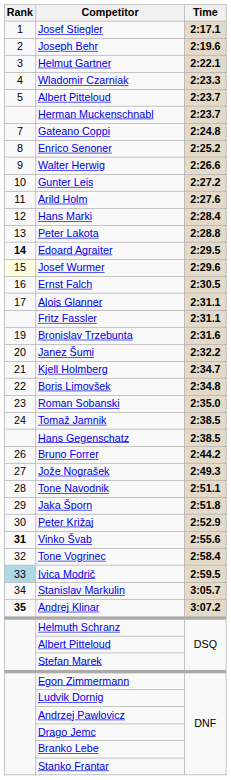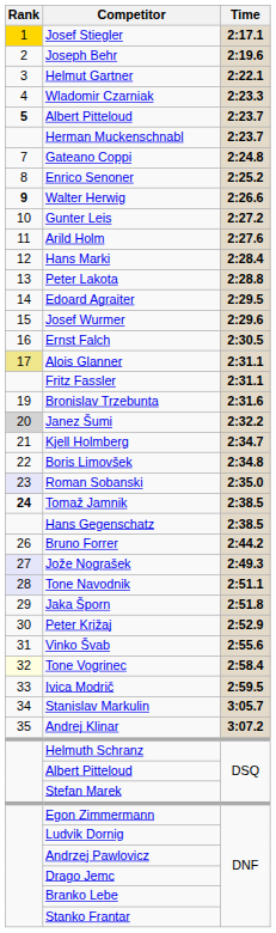 <table class="wikitable">
 <tr>
 <th width=35>Rank</th>
 <th width=215>Competitor</th>
 <th width=55>Time</th>
 </tr>
 <tr>
-<td align=center>1</td>
+<td align=center style="background: gold;">1</td>
 <td> <a href='#'>Josef Stiegler</a></td>
 <td align=center bgcolor=#E3DAC9><strong>2:17.1</strong></td>
 </tr>
 <tr>
 <td align=center>2</td>
 <td> <a href='#'>Joseph Behr</a></td>
 <td align=center bgcolor=#E3DAC9><strong>2:19.6</strong></td>
 </tr>
 <tr>
 <td align=center>3</td>
 <td> <a href='#'>Helmut Gartner</a></td>
 <td align=center bgcolor=#E3DAC9><strong>2:22.1</strong></td>
 </tr>
 <tr>
 <td align=center>4</td>
 <td> <a href='#'>Wladomir Czarniak</a></td>
 <td align=center bgcolor=#E3DAC9><strong>2:23.3</strong></td>
 </tr>
 <tr>
-<td align=center>5</td>
+<td align=center><strong>5</strong></td>
 <td> <a href='#'>Albert Pitteloud</a></td>
 <td align=center bgcolor=#E3DAC9><strong>2:23.7</strong></td>
 </tr>
 <tr>
 <td align=center></td>
 <td> <a href='#'>Herman Muckenschnabl</a></td>
 <td align=center bgcolor=#E3DAC9><strong>2:23.7</strong></td>
 </tr>
 <tr>
 <td align=center>7</td>
 <td> <a href='#'>Gateano Coppi</a></td>
 <td align=center bgcolor=#E3DAC9><strong>2:24.8</strong></td>
 </tr>
 <tr>
 <td align=center>8</td>
 <td> <a href='#'>Enrico Senoner</a></td>
 <td align=center bgcolor=#E3DAC9><strong>2:25.2</strong></td>
 </tr>
 <tr>
-<td align=center>9</td>
+<td align=center><strong>9</strong></td>
 <td> <a href='#'>Walter Herwig</a></td>
 <td align=center bgcolor=#E3DAC9><strong>2:26.6</strong></td>
 </tr>
 <tr>
 <td align=center>10</td>
 <td> <a href='#'>Gunter Leis</a></td>
 <td align=center bgcolor=#E3DAC9><strong>2:27.2</strong></td>
 </tr>
 <tr>
 <td align=center>11</td>
 <td> <a href='#'>Arild Holm</a></td>
 <td align=center bgcolor=#E3DAC9><strong>2:27.6</strong></td>
 </tr>
 <tr>
 <td align=center>12</td>
 <td> <a href='#'>Hans Marki</a></td>
 <td align=center bgcolor=#E3DAC9><strong>2:28.4</strong></td>
 </tr>
 <tr>
 <td align=center>13</td>
 <td> <a href='#'>Peter Lakota</a></td>
 <td align=center bgcolor=#E3DAC9><strong>2:28.8</strong></td>
 </tr>
 <tr>
-<td align=center><strong>14</strong></td>
+<td align=center>14</td>
 <td> <a href='#'>Edoard Agraiter</a></td>
 <td align=center bgcolor=#E3DAC9><strong>2:29.5</strong></td>
 </tr>
 <tr>
-<td align=center style="background: lightyellow;">15</td>
+<td align=center>15</td>
 <td> <a href='#'>Josef Wurmer</a></td>
 <td align=center bgcolor=#E3DAC9><strong>2:29.6</strong></td>
 </tr>
 <tr>
 <td align=center>16</td>
 <td> <a href='#'>Ernst Falch</a></td>
 <td align=center bgcolor=#E3DAC9><strong>2:30.5</strong></td>
 </tr>
 <tr>
-<td align=center>17</td>
+<td align=center style="background: khaki;">17</td>
 <td> <a href='#'>Alois Glanner</a></td>
 <td align=center bgcolor=#E3DAC9><strong>2:31.1</strong></td>
 </tr>
 <tr>
 <td align=center></td>
 <td> <a href='#'>Fritz Fassler</a></td>
 <td align=center bgcolor=#E3DAC9><strong>2:31.1</strong></td>
 </tr>
 <tr>
 <td align=center>19</td>
 <td> <a href='#'>Bronislav Trzebunta</a></td>
 <td align=center bgcolor=#E3DAC9><strong>2:31.6</strong></td>
 </tr>
 <tr>
-<td align=center>20</td>
+<td align=center style="background: lightgrey;">20</td>
 <td> <a href='#'>Janez Šumi</a></td>
 <td align=center bgcolor=#E3DAC9><strong>2:32.2</strong></td>
 </tr>
 <tr>
 <td align=center>21</td>
 <td> <a href='#'>Kjell Holmberg</a></td>
 <td align=center bgcolor=#E3DAC9><strong>2:34.7</strong></td>
 </tr>
 <tr>
 <td align=center>22</td>
 <td> <a href='#'>Boris Limovšek</a></td>
 <td align=center bgcolor=#E3DAC9><strong>2:34.8</strong></td>
 </tr>
 <tr>
-<td align=center>23</td>
+<td align=center style="background: lavender;">23</td>
 <td> <a href='#'>Roman Sobanski</a></td>
 <td align=center bgcolor=#E3DAC9><strong>2:35.0</strong></td>
 </tr>
 <tr>
-<td align=center>24</td>
+<td align=center><strong>24</strong></td>
 <td> <a href='#'>Tomaž Jamnik</a></td>
 <td align=center bgcolor=#E3DAC9><strong>2:38.5</strong></td>
 </tr>
 <tr>
 <td align=center></td>
 <td>	<a href='#'>Hans Gegenschatz</a></td>
 <td align=center bgcolor=#E3DAC9><strong>2:38.5</strong></td>
 </tr>
 <tr>
 <td align=center>26</td>
 <td> <a href='#'>Bruno Forrer</a></td>
 <td align=center bgcolor=#E3DAC9><strong>2:44.2</strong></td>
 </tr>
 <tr>
-<td align=center>27</td>
+<td align=center style="background: lavender;">27</td>
 <td> <a href='#'>Jože Nograšek</a></td>
 <td align=center bgcolor=#E3DAC9><strong>2:49.3</strong></td>
 </tr>
 <tr>
-<td align=center>28</td>
+<td align=center style="background: lavender;">28</td>
 <td> <a href='#'>Tone Navodnik</a></td>
 <td align=center bgcolor=#E3DAC9><strong>2:51.1</strong></td>
 </tr>
 <tr>
 <td align=center>29</td>
 <td> <a href='#'>Jaka Šporn</a></td>
 <td align=center bgcolor=#E3DAC9><strong>2:51.8</strong></td>
 </tr>
 <tr>
 <td align=center>30</td>
 <td> <a href='#'>Peter Križaj</a></td>
 <td align=center bgcolor=#E3DAC9><strong>2:52.9</strong></td>
 </tr>
 <tr>
-<td align=center><strong>31</strong></td>
+<td align=center>31</td>
 <td> <a href='#'>Vinko Švab</a></td>
 <td align=center bgcolor=#E3DAC9><strong>2:55.6</strong></td>
 </tr>
 <tr>
-<td align=center>32</td>
+<td align=center style="background: lightyellow;">32</td>
 <td> <a href='#'>Tone Vogrinec</a></td>
 <td align=center bgcolor=#E3DAC9><strong>2:58.4</strong></td>
 </tr>
 <tr>
-<td align=center style="background: lightblue;">33</td>
+<td align=center>33</td>
 <td> <a href='#'>Ivica Modrič</a></td>
 <td align=center bgcolor=#E3DAC9><strong>2:59.5</strong></td>
 </tr>
 <tr>
 <td align=center>34</td>
 <td> <a href='#'>Stanislav Markulin</a></td>
 <td align=center bgcolor=#E3DAC9><strong>3:05.7</strong></td>
 </tr>
 <tr>
-<td align=center><strong>35</strong></td>
+<td align=center>35</td>
 <td> <a href='#'>Andrej Klinar</a></td>
 <td align=center bgcolor=#E3DAC9><strong>3:07.2</strong></td>
 </tr>
 <tr>
 <td align=center rowspan=3 style="border-top-width:5px"></td>
 <td style="border-top-width:5px"> <a href='#'>Helmuth Schranz</a></td>
 <td align=center colspan=2 rowspan=3 style="border-top-width:5px">DSQ</td>
 </tr>
 <tr>
 <td> <a href='#'>Albert Pitteloud</a></td>
 </tr>
 <tr>
 <td> <a href='#'>Stefan Marek</a></td>
 </tr>
 <tr>
 <td align=center rowspan=6 style="border-top-width:5px"></td>
 <td style="border-top-width:5px"> <a href='#'>Egon Zimmermann</a></td>
 <td style="border-top-width:5px" align=center colspan=2 rowspan=6>DNF</td>
 </tr>
 <tr>
 <td> <a href='#'>Ludvik Dornig</a></td>
 </tr>
 <tr>
 <td> <a href='#'>Andrzej Pawlovicz</a></td>
 </tr>
 <tr>
 <td> <a href='#'>Drago Jemc</a></td>
 </tr>
 <tr>
 <td> <a href='#'>Branko Lebe</a></td>
 </tr>
 <tr>
 <td> <a href='#'>Stanko Frantar</a></td>
 </tr>
 </table>
